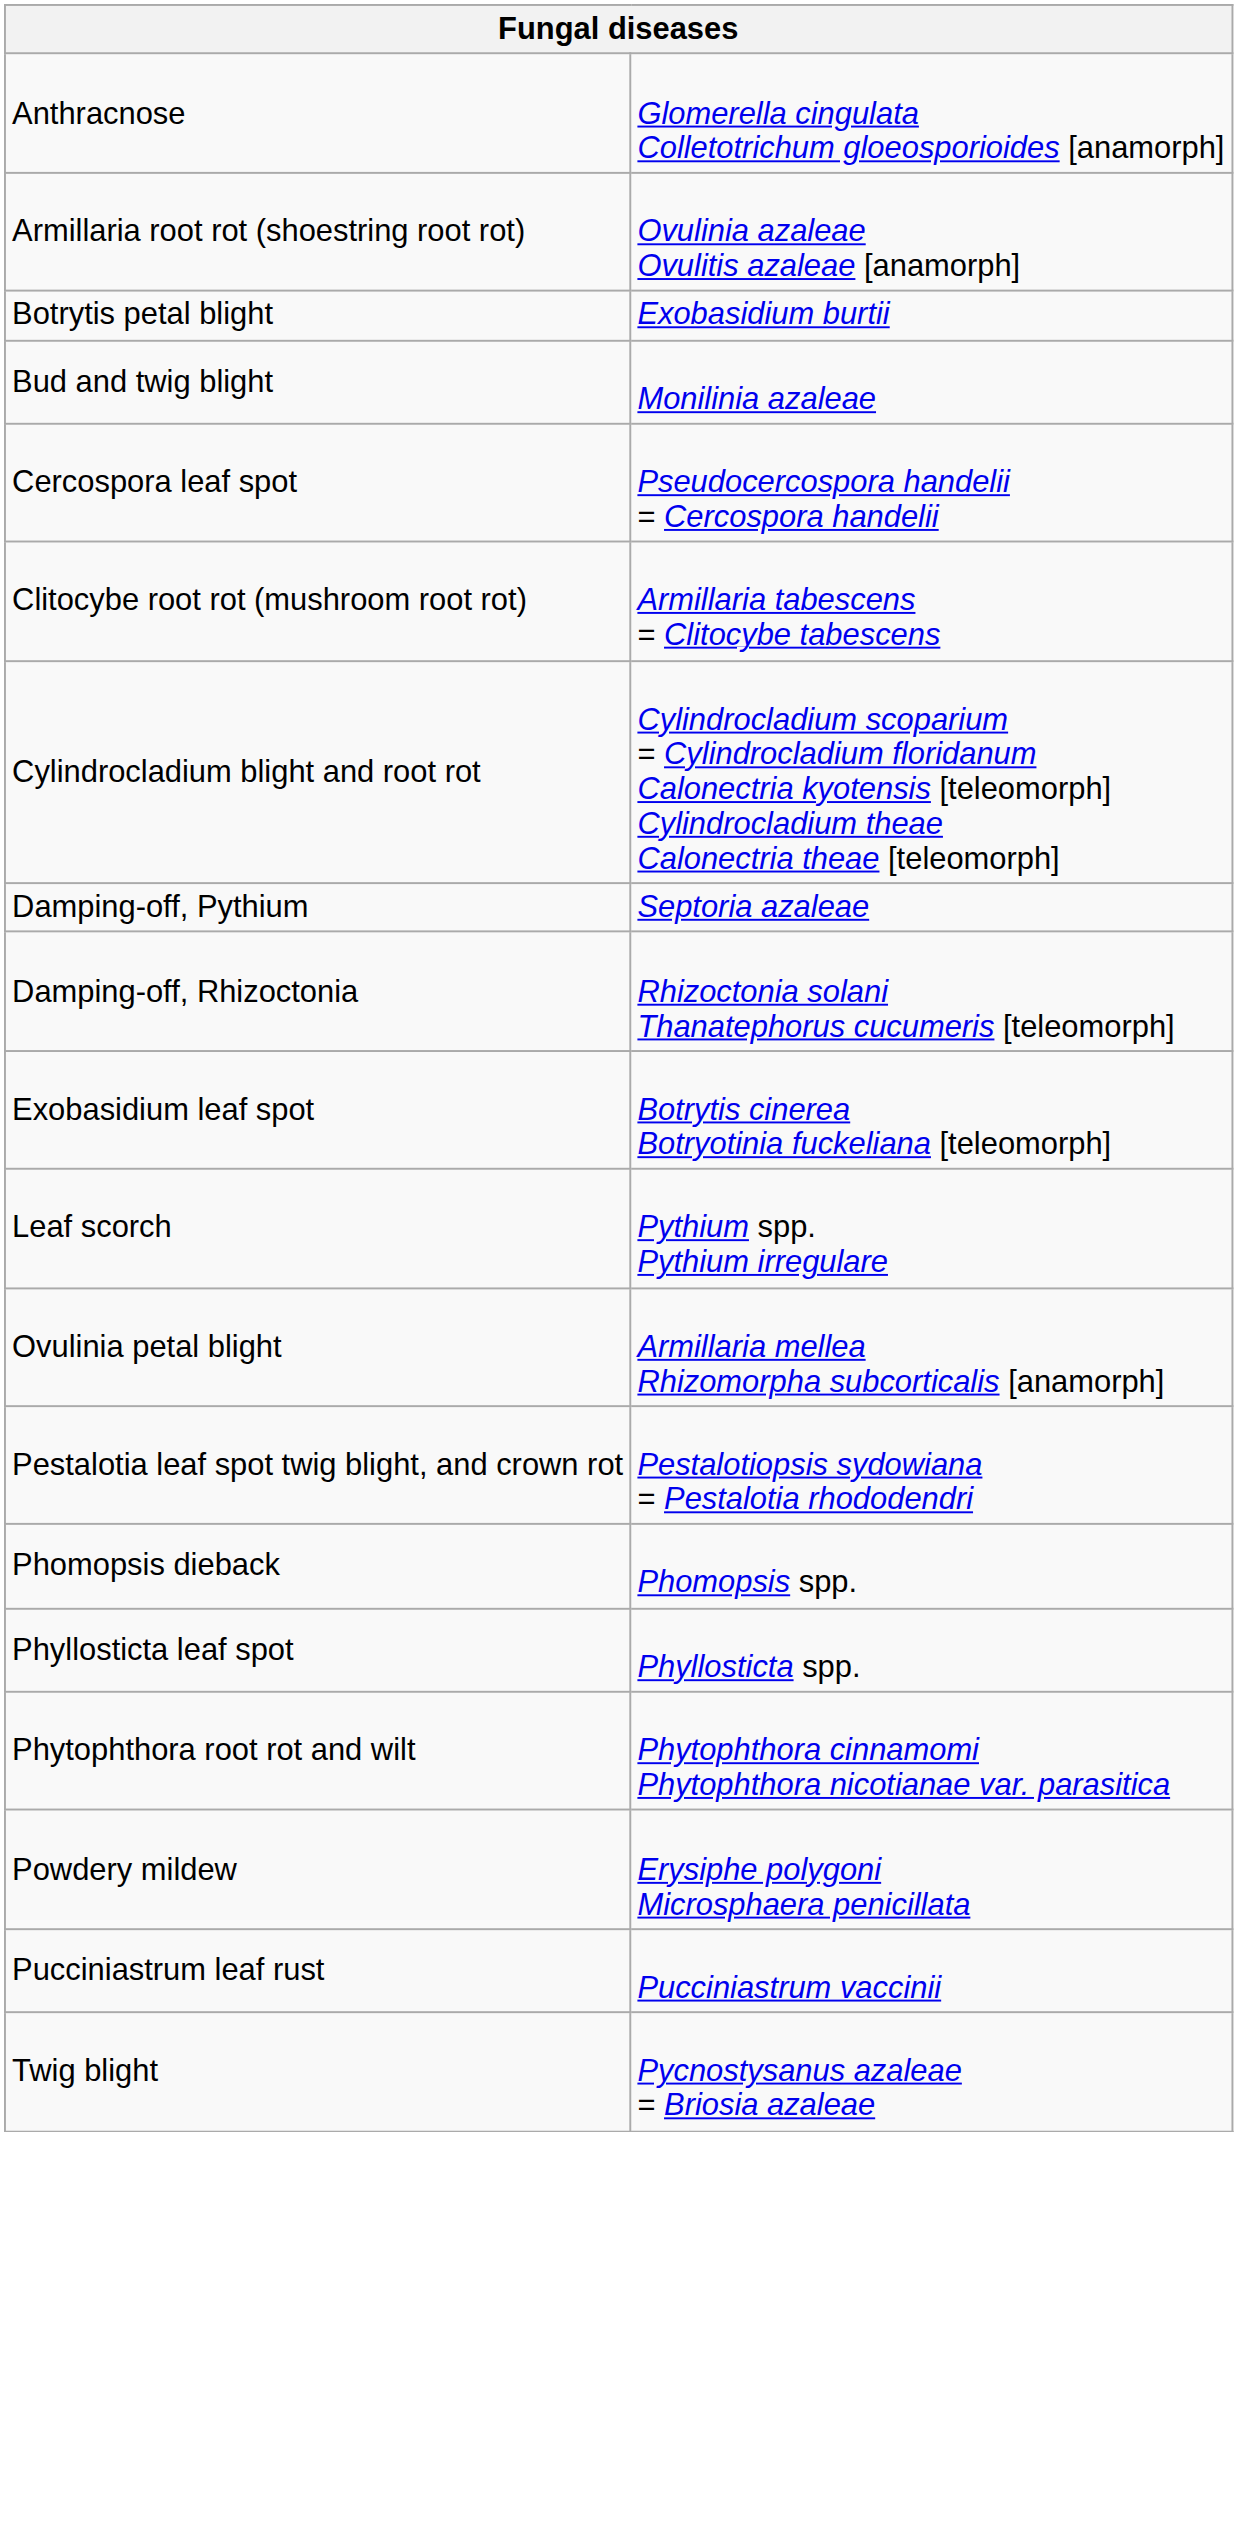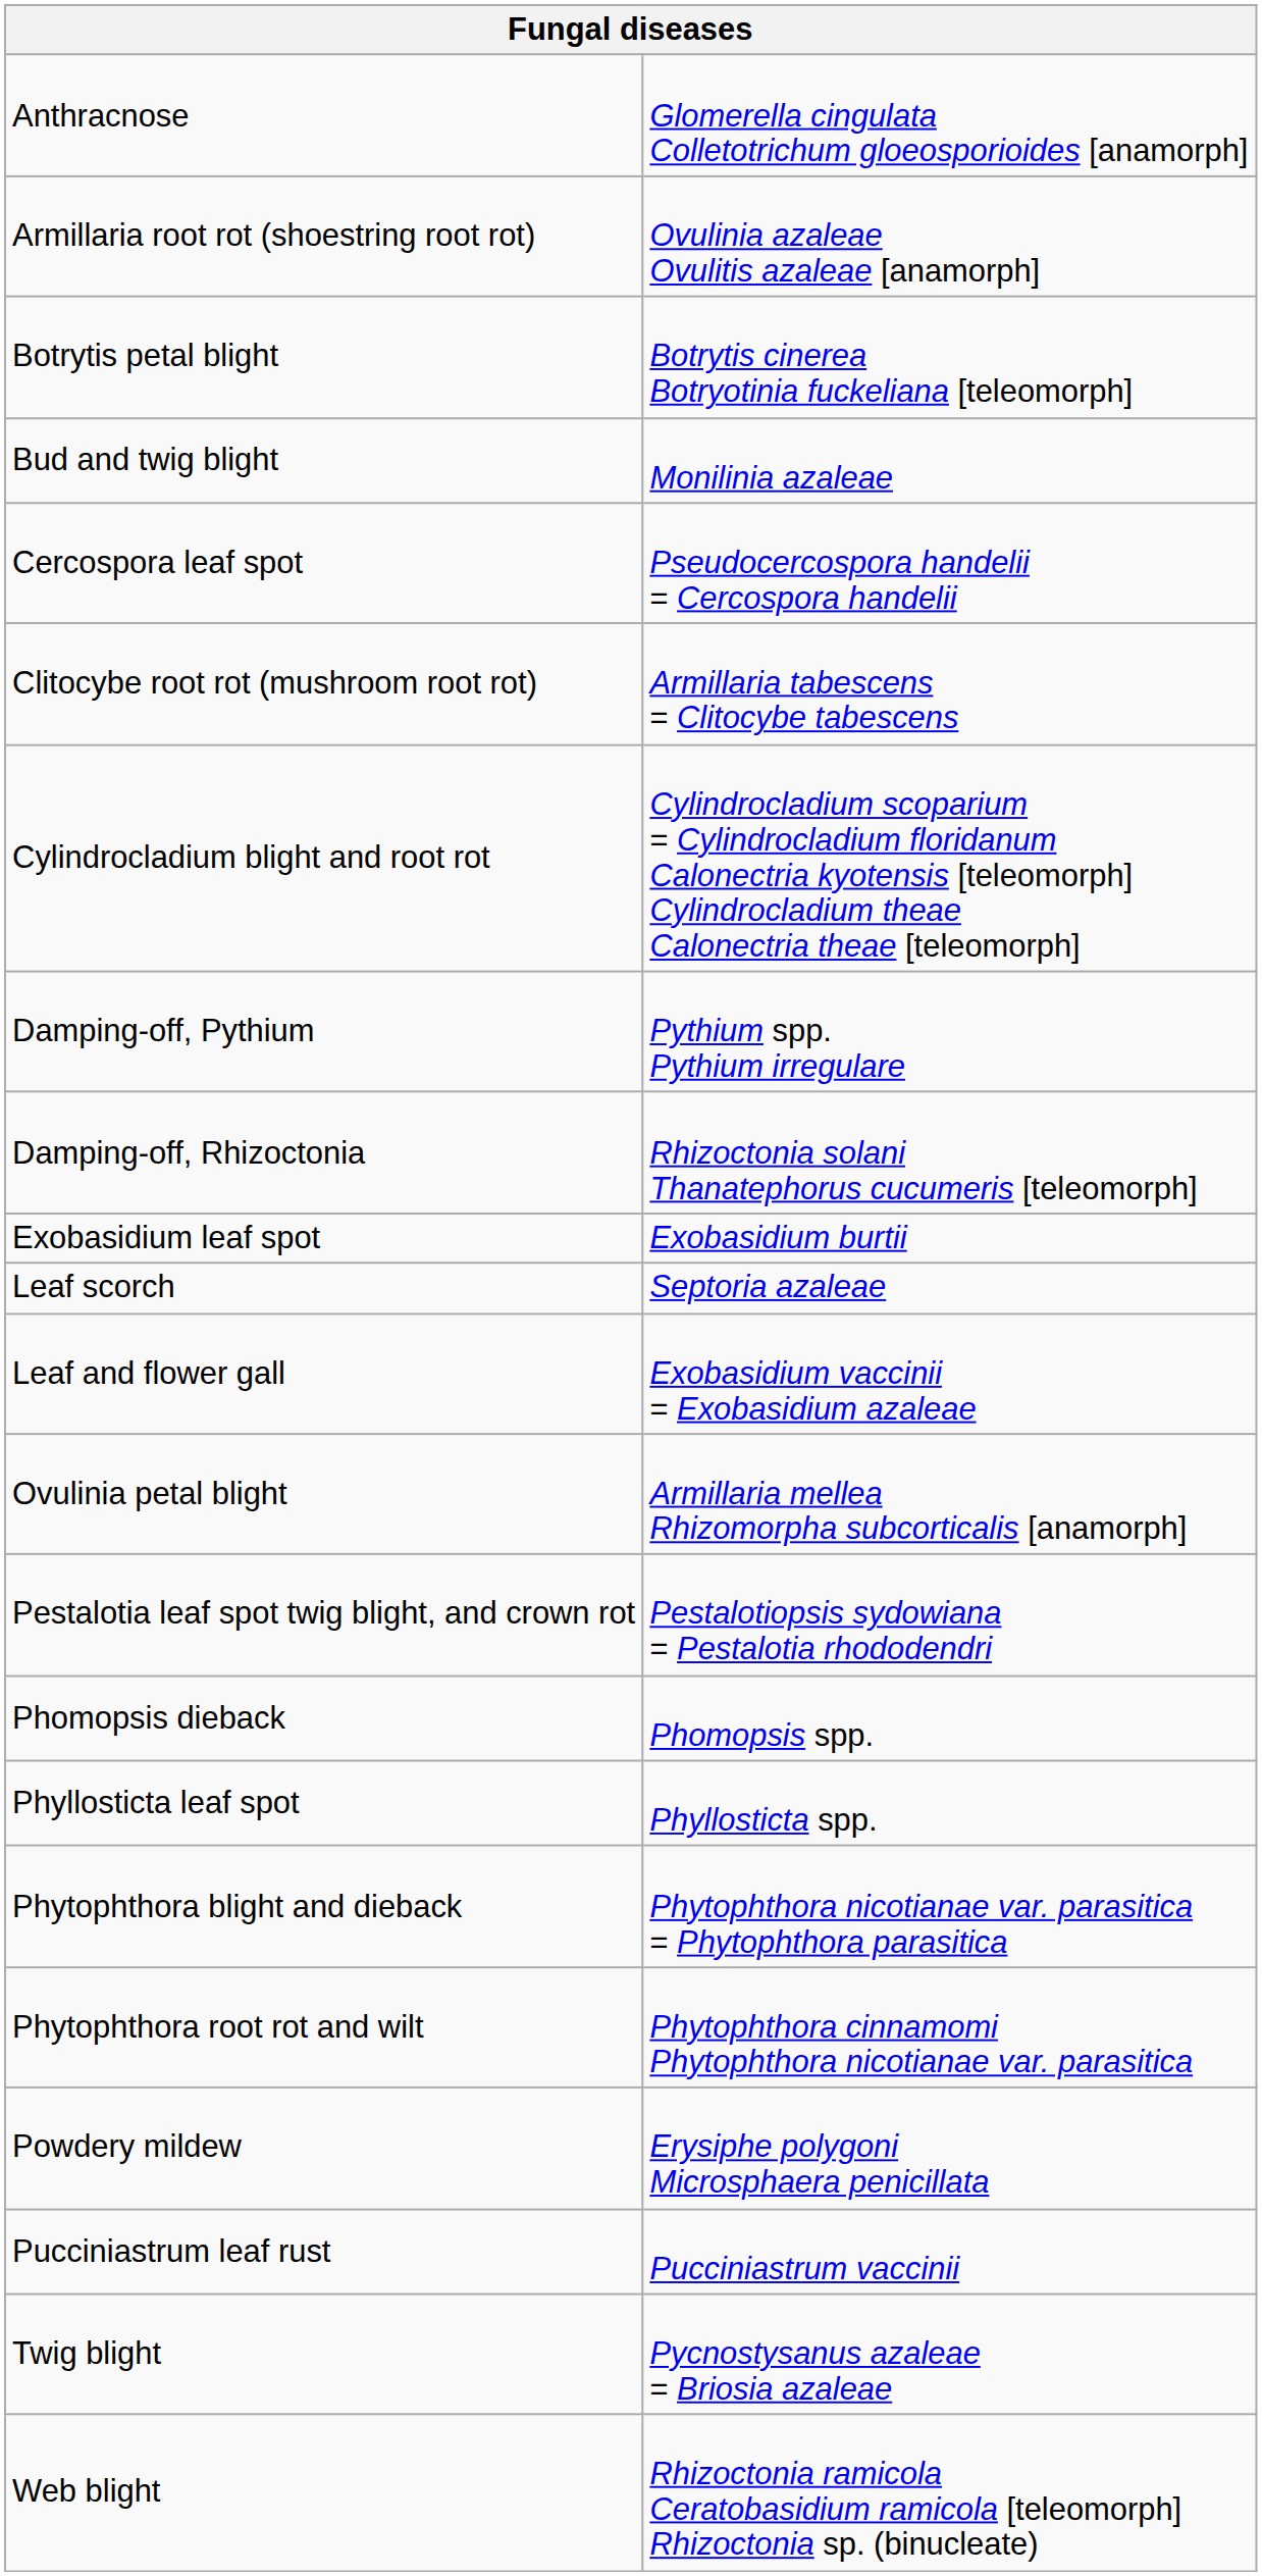 <table class="wikitable" style="clear">
 <tr>
 <th colspan=2><strong> Fungal diseases</strong><br></th>
 </tr>
 <tr>
 <td>Anthracnose</td>
 <td><br><em><a href='#'>Glomerella cingulata</a></em><br> <em><a href='#'>Colletotrichum gloeosporioides</a></em> [anamorph]</td>
 </tr>
 <tr>
 <td>Armillaria root rot (shoestring root rot)</td>
 <td><br><em><a href='#'>Ovulinia azaleae</a></em><br> <em><a href='#'>Ovulitis azaleae</a></em> [anamorph]</td>
 </tr>
 <tr>
 <td>Botrytis petal blight</td>
-<td><em><a href='#'>Exobasidium burtii</a></em></td>
+<td><br><em><a href='#'>Botrytis cinerea</a></em><br><em><a href='#'>Botryotinia fuckeliana</a></em> [teleomorph]</td>
 </tr>
 <tr>
 <td>Bud and twig blight</td>
 <td><br><em><a href='#'>Monilinia azaleae</a></em></td>
 </tr>
 <tr>
 <td>Cercospora leaf spot</td>
 <td><br><em><a href='#'>Pseudocercospora handelii</a></em> <br>= <em><a href='#'>Cercospora handelii</a></em></td>
 </tr>
 <tr>
 <td>Clitocybe root rot (mushroom root rot)</td>
 <td><br><em><a href='#'>Armillaria tabescens</a></em> <br>= <em><a href='#'>Clitocybe tabescens</a></em></td>
 </tr>
 <tr>
 <td>Cylindrocladium blight and root rot</td>
 <td><br><em><a href='#'>Cylindrocladium scoparium</a></em> <br>= <em><a href='#'>Cylindrocladium floridanum</a></em><br> <em><a href='#'>Calonectria kyotensis</a></em> [teleomorph] <br> <em><a href='#'>Cylindrocladium theae</a></em><br> <em><a href='#'>Calonectria theae</a></em> [teleomorph]</td>
 </tr>
 <tr>
 <td>Damping-off, Pythium</td>
-<td><em><a href='#'>Septoria azaleae</a></em></td>
+<td><br><em><a href='#'>Pythium</a></em> spp. <br> <em><a href='#'>Pythium irregulare</a></em></td>
 </tr>
 <tr>
 <td>Damping-off, Rhizoctonia</td>
 <td><br><em><a href='#'>Rhizoctonia solani</a></em><br> <em><a href='#'>Thanatephorus cucumeris</a></em> [teleomorph]</td>
 </tr>
 <tr>
 <td>Exobasidium leaf spot</td>
-<td><br><em><a href='#'>Botrytis cinerea</a></em><br><em><a href='#'>Botryotinia fuckeliana</a></em> [teleomorph]</td>
+<td><em><a href='#'>Exobasidium burtii</a></em></td>
 </tr>
 <tr>
 <td>Leaf scorch</td>
-<td><br><em><a href='#'>Pythium</a></em> spp. <br> <em><a href='#'>Pythium irregulare</a></em></td>
+<td><em><a href='#'>Septoria azaleae</a></em></td>
+</tr>
+<tr>
+<td>Leaf and flower gall</td>
+<td><br><em><a href='#'>Exobasidium vaccinii</a></em> <br>= <em><a href='#'>Exobasidium azaleae</a></em></td>
 </tr>
 <tr>
 <td>Ovulinia petal blight</td>
 <td><br><em><a href='#'>Armillaria mellea</a></em><br> <em><a href='#'>Rhizomorpha subcorticalis</a></em> [anamorph]</td>
 </tr>
 <tr>
 <td>Pestalotia leaf spot twig blight, and crown rot</td>
 <td><br><em><a href='#'>Pestalotiopsis sydowiana</a></em> <br>= <em><a href='#'>Pestalotia rhododendri</a></em></td>
 </tr>
 <tr>
 <td>Phomopsis dieback</td>
 <td><br><em><a href='#'>Phomopsis</a></em> spp.</td>
 </tr>
 <tr>
 <td>Phyllosticta leaf spot</td>
 <td><br><em><a href='#'>Phyllosticta</a></em> spp.</td>
 </tr>
 <tr>
+<td>Phytophthora blight and dieback</td>
+<td><br><em><a href='#'>Phytophthora nicotianae var. parasitica</a></em> <br>= <em><a href='#'>Phytophthora parasitica</a></em></td>
+</tr>
+<tr>
 <td>Phytophthora root rot and wilt</td>
 <td><br><em><a href='#'>Phytophthora cinnamomi</a></em><br> <em><a href='#'>Phytophthora nicotianae var. parasitica</a></em></td>
 </tr>
 <tr>
 <td>Powdery mildew</td>
 <td><br><em><a href='#'>Erysiphe polygoni</a></em><br> <em><a href='#'>Microsphaera penicillata</a></em></td>
 </tr>
 <tr>
 <td>Pucciniastrum leaf rust</td>
 <td><br><em><a href='#'>Pucciniastrum vaccinii</a></em></td>
 </tr>
 <tr>
 <td>Twig blight</td>
 <td><br><em><a href='#'>Pycnostysanus azaleae</a></em> <br>= <em><a href='#'>Briosia azaleae</a></em></td>
 </tr>
 <tr>
+<td>Web blight</td>
+<td><br><em><a href='#'>Rhizoctonia ramicola</a></em><br> <em><a href='#'>Ceratobasidium ramicola</a></em> [teleomorph] <br> <em><a href='#'>Rhizoctonia</a></em> sp. (binucleate)</td>
+</tr>
+<tr>
 </tr>
 </table>
